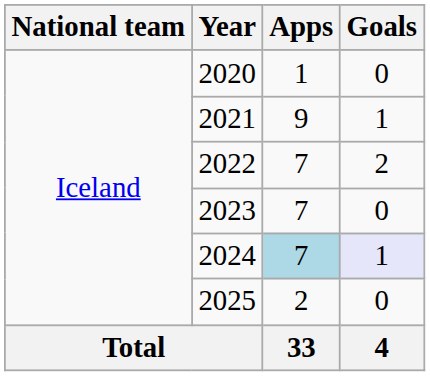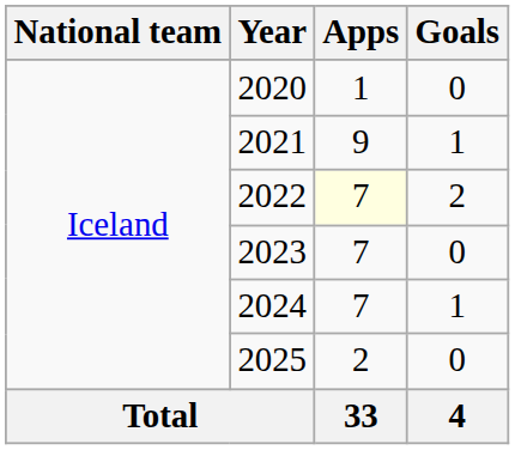 <table class="wikitable" style="text-align:center">
 <tr>
 <th>National team</th>
 <th>Year</th>
 <th>Apps</th>
 <th>Goals</th>
 </tr>
 <tr>
 <td rowspan="6"><a href='#'>Iceland</a></td>
 <td>2020</td>
 <td>1</td>
 <td>0</td>
 </tr>
 <tr>
 <td>2021</td>
 <td>9</td>
 <td>1</td>
 </tr>
 <tr>
 <td>2022</td>
-<td>7</td>
+<td style="background: lightyellow;">7</td>
 <td>2</td>
 </tr>
 <tr>
 <td>2023</td>
 <td>7</td>
 <td>0</td>
 </tr>
 <tr>
 <td>2024</td>
-<td style="background: lightblue;">7</td>
-<td style="background: lavender;">1</td>
+<td>7</td>
+<td>1</td>
 </tr>
 <tr>
 <td>2025</td>
 <td>2</td>
 <td>0</td>
 </tr>
 <tr>
 <th colspan="2">Total</th>
 <th>33</th>
 <th>4</th>
 </tr>
 </table>
